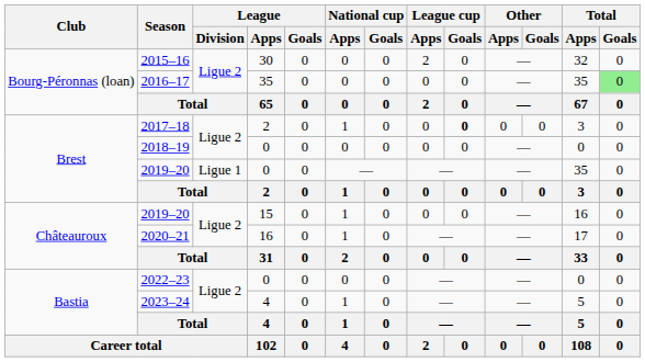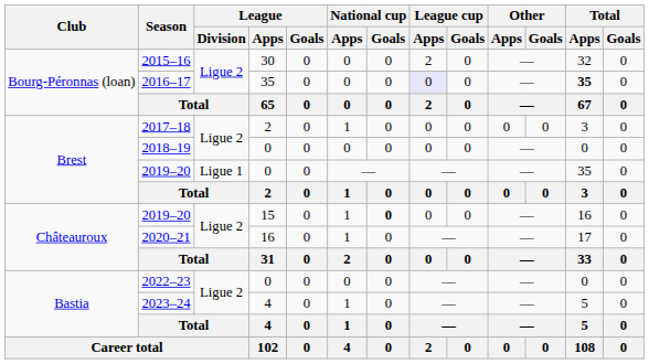 <table class="wikitable" style="text-align:center">
 <tr>
 <th rowspan="2">Club</th>
 <th rowspan="2">Season</th>
 <th colspan="3">League</th>
 <th colspan="2">National cup</th>
 <th colspan="2">League cup</th>
 <th colspan="2">Other</th>
 <th colspan="2">Total</th>
 </tr>
 <tr>
 <th>Division</th>
 <th>Apps</th>
 <th>Goals</th>
 <th>Apps</th>
 <th>Goals</th>
 <th>Apps</th>
 <th>Goals</th>
 <th>Apps</th>
 <th>Goals</th>
 <th>Apps</th>
 <th>Goals</th>
 </tr>
 <tr>
 <td rowspan="3"><a href='#'>Bourg-Péronnas</a> (loan)</td>
 <td><a href='#'>2015–16</a></td>
 <td rowspan="2"><a href='#'>Ligue 2</a></td>
 <td>30</td>
 <td>0</td>
 <td>0</td>
 <td>0</td>
 <td>2</td>
 <td>0</td>
 <td colspan="2">—</td>
 <td>32</td>
 <td>0</td>
 </tr>
 <tr>
 <td><a href='#'>2016–17</a></td>
 <td>35</td>
 <td>0</td>
 <td>0</td>
 <td>0</td>
-<td>0</td>
+<td style="background: lavender;">0</td>
 <td>0</td>
 <td colspan="2">—</td>
-<td>35</td>
-<td style="background: lightgreen;">0</td>
+<td><strong>35</strong></td>
+<td>0</td>
 </tr>
 <tr>
 <th colspan="2">Total</th>
 <th>65</th>
 <th>0</th>
 <th>0</th>
 <th>0</th>
 <th>2</th>
 <th>0</th>
 <th colspan="2">—</th>
 <th>67</th>
 <th>0</th>
 </tr>
 <tr>
 <td rowspan="4"><a href='#'>Brest</a></td>
 <td><a href='#'>2017–18</a></td>
 <td rowspan="2">Ligue 2</td>
 <td>2</td>
 <td>0</td>
 <td>1</td>
 <td>0</td>
 <td>0</td>
-<td><strong>0</strong></td>
+<td>0</td>
 <td>0</td>
 <td>0</td>
 <td>3</td>
 <td>0</td>
 </tr>
 <tr>
 <td><a href='#'>2018–19</a></td>
 <td>0</td>
 <td>0</td>
 <td>0</td>
 <td>0</td>
 <td>0</td>
 <td>0</td>
 <td colspan="2">—</td>
 <td>0</td>
 <td>0</td>
 </tr>
 <tr>
 <td><a href='#'>2019–20</a></td>
 <td>Ligue 1</td>
 <td>0</td>
 <td>0</td>
 <td colspan="2">—</td>
 <td colspan="2">—</td>
 <td colspan="2">—</td>
 <td>35</td>
 <td>0</td>
 </tr>
 <tr>
 <th colspan="2">Total</th>
 <th>2</th>
 <th>0</th>
 <th>1</th>
 <th>0</th>
 <th>0</th>
 <th>0</th>
 <th>0</th>
 <th>0</th>
 <th>3</th>
 <th>0</th>
 </tr>
 <tr>
 <td rowspan="3"><a href='#'>Châteauroux</a></td>
 <td><a href='#'>2019–20</a></td>
 <td rowspan="2">Ligue 2</td>
 <td>15</td>
 <td>0</td>
 <td>1</td>
-<td>0</td>
+<td><strong>0</strong></td>
 <td>0</td>
 <td>0</td>
 <td colspan="2">—</td>
 <td>16</td>
 <td>0</td>
 </tr>
 <tr>
 <td><a href='#'>2020–21</a></td>
 <td>16</td>
 <td>0</td>
 <td>1</td>
 <td>0</td>
 <td colspan="2">—</td>
 <td colspan="2">—</td>
 <td>17</td>
 <td>0</td>
 </tr>
 <tr>
 <th colspan="2">Total</th>
 <th>31</th>
 <th>0</th>
 <th>2</th>
 <th>0</th>
 <th>0</th>
 <th>0</th>
 <th colspan="2">—</th>
 <th>33</th>
 <th>0</th>
 </tr>
 <tr>
 <td rowspan="3"><a href='#'>Bastia</a></td>
 <td><a href='#'>2022–23</a></td>
 <td rowspan="2">Ligue 2</td>
 <td>0</td>
 <td>0</td>
 <td>0</td>
 <td>0</td>
 <td colspan="2">—</td>
 <td colspan="2">—</td>
 <td>0</td>
 <td>0</td>
 </tr>
 <tr>
 <td><a href='#'>2023–24</a></td>
 <td>4</td>
 <td>0</td>
 <td>1</td>
 <td>0</td>
 <td colspan="2">—</td>
 <td colspan="2">—</td>
 <td>5</td>
 <td>0</td>
 </tr>
 <tr>
 <th colspan="2">Total</th>
 <th>4</th>
 <th>0</th>
 <th>1</th>
 <th>0</th>
 <th colspan="2">—</th>
 <th colspan="2">—</th>
 <th>5</th>
 <th>0</th>
 </tr>
 <tr>
 <th colspan="3">Career total</th>
 <th>102</th>
 <th>0</th>
 <th>4</th>
 <th>0</th>
 <th>2</th>
 <th>0</th>
 <th>0</th>
 <th>0</th>
 <th>108</th>
 <th>0</th>
 </tr>
 </table>
